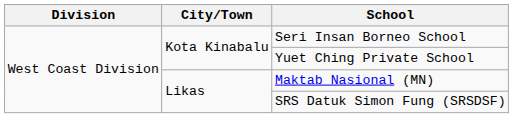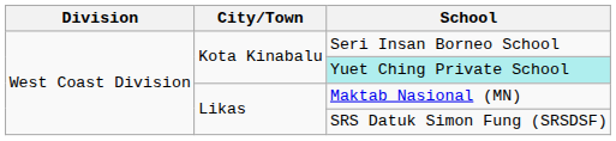 <table class="wikitable sortable">
 <tr>
 <th>Division</th>
 <th>City/Town</th>
 <th>School</th>
 </tr>
 <tr>
 <td rowspan="4">West Coast Division</td>
 <td rowspan="2">Kota Kinabalu</td>
 <td>Seri Insan Borneo School</td>
 </tr>
 <tr>
-<td>Yuet Ching Private School</td>
+<td style="background: paleturquoise;">Yuet Ching Private School</td>
 </tr>
 <tr>
 <td rowspan="2">Likas</td>
 <td><a href='#'>Maktab Nasional</a> (MN)</td>
 </tr>
 <tr>
 <td>SRS Datuk Simon Fung (SRSDSF)</td>
 </tr>
 </table>
